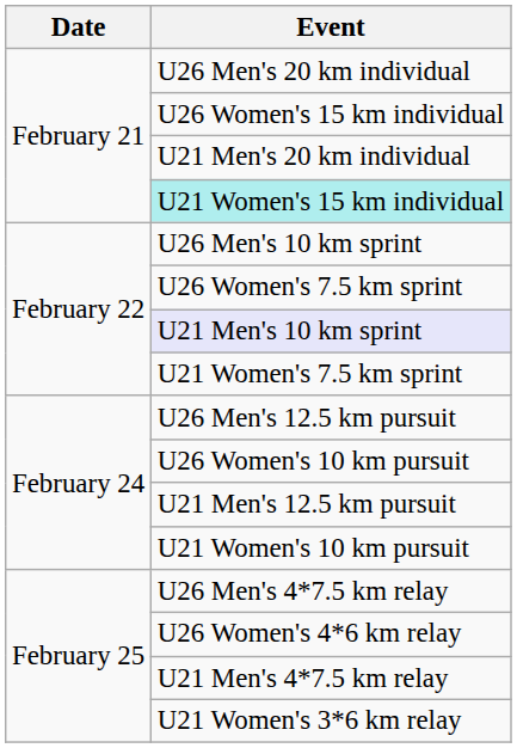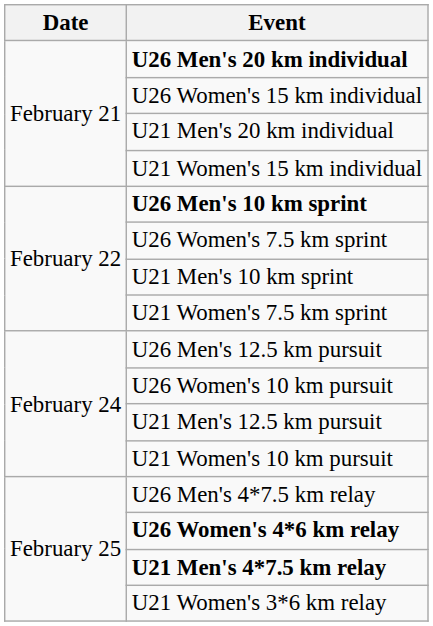 <table class="wikitable">
 <tr>
 <th>Date</th>
 <th>Event</th>
 </tr>
 <tr>
 <td rowspan=4>February 21</td>
-<td>U26 Men's 20 km individual</td>
+<td><strong>U26 Men's 20 km individual</strong></td>
 </tr>
 <tr>
 <td>U26 Women's 15 km individual</td>
 </tr>
 <tr>
 <td>U21 Men's 20 km individual</td>
 </tr>
 <tr>
-<td style="background: paleturquoise;">U21 Women's 15 km individual</td>
+<td>U21 Women's 15 km individual</td>
 </tr>
 <tr>
 <td rowspan=4>February 22</td>
-<td>U26 Men's 10 km sprint</td>
+<td><strong>U26 Men's 10 km sprint</strong></td>
 </tr>
 <tr>
 <td>U26 Women's 7.5 km sprint</td>
 </tr>
 <tr>
-<td style="background: lavender;">U21 Men's 10 km sprint</td>
+<td>U21 Men's 10 km sprint</td>
 </tr>
 <tr>
 <td>U21 Women's 7.5 km sprint</td>
 </tr>
 <tr>
 <td rowspan=4>February 24</td>
 <td>U26 Men's 12.5 km pursuit</td>
 </tr>
 <tr>
 <td>U26 Women's 10 km pursuit</td>
 </tr>
 <tr>
 <td>U21 Men's 12.5 km pursuit</td>
 </tr>
 <tr>
 <td>U21 Women's 10 km pursuit</td>
 </tr>
 <tr>
 <td rowspan=4>February 25</td>
 <td>U26 Men's 4*7.5 km relay</td>
 </tr>
 <tr>
-<td>U26 Women's 4*6 km relay</td>
+<td><strong>U26 Women's 4*6 km relay</strong></td>
 </tr>
 <tr>
-<td>U21 Men's 4*7.5 km relay</td>
+<td><strong>U21 Men's 4*7.5 km relay</strong></td>
 </tr>
 <tr>
 <td>U21 Women's 3*6 km relay</td>
 </tr>
 </table>
